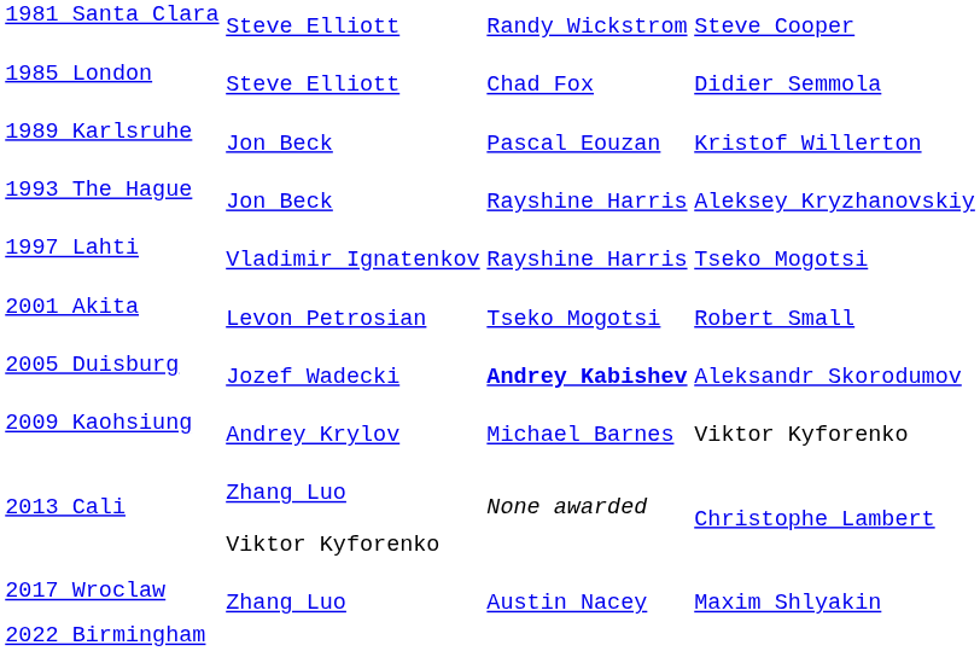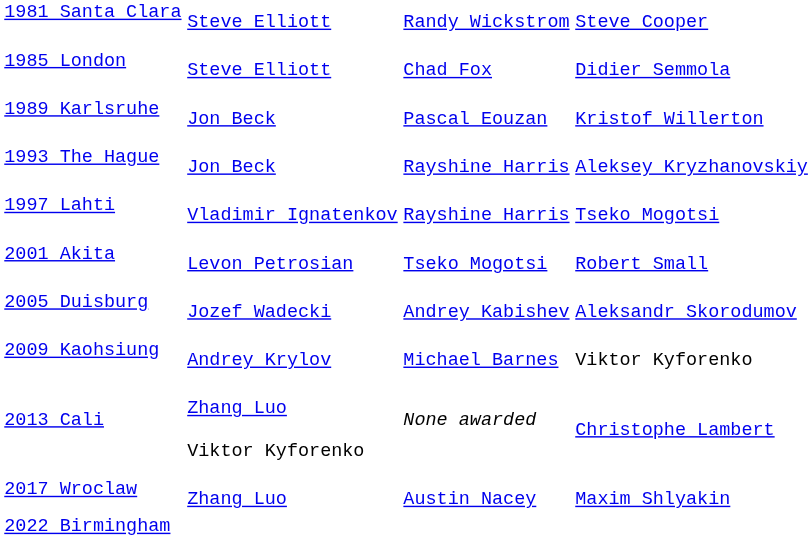 <table>
 <tr>
 <td><a href='#'>1981 Santa Clara</a></td>
 <td><br> <a href='#'>Steve Elliott</a></td>
 <td><br> <a href='#'>Randy Wickstrom</a></td>
 <td><br> <a href='#'>Steve Cooper</a></td>
 </tr>
 <tr>
 <td><a href='#'>1985 London</a></td>
 <td><br> <a href='#'>Steve Elliott</a></td>
 <td><br> <a href='#'>Chad Fox</a></td>
 <td><br> <a href='#'>Didier Semmola</a></td>
 </tr>
 <tr>
 <td><a href='#'>1989 Karlsruhe</a></td>
 <td><br> <a href='#'>Jon Beck</a></td>
 <td><br> <a href='#'>Pascal Eouzan</a></td>
 <td><br> <a href='#'>Kristof Willerton</a></td>
 </tr>
 <tr>
 <td><a href='#'>1993 The Hague</a></td>
 <td><br> <a href='#'>Jon Beck</a></td>
 <td><br> <a href='#'>Rayshine Harris</a></td>
 <td><br> <a href='#'>Aleksey Kryzhanovskiy</a></td>
 </tr>
 <tr>
 <td><a href='#'>1997 Lahti</a></td>
 <td><br> <a href='#'>Vladimir Ignatenkov</a></td>
 <td><br> <a href='#'>Rayshine Harris</a></td>
 <td><br> <a href='#'>Tseko Mogotsi</a></td>
 </tr>
 <tr>
 <td><a href='#'>2001 Akita</a></td>
 <td><br> <a href='#'>Levon Petrosian</a></td>
 <td><br> <a href='#'>Tseko Mogotsi</a></td>
 <td><br> <a href='#'>Robert Small</a></td>
 </tr>
 <tr>
 <td><a href='#'>2005 Duisburg</a></td>
 <td><br> <a href='#'>Jozef Wadecki</a></td>
-<td><strong><br> <a href='#'>Andrey Kabishev</a></strong></td>
+<td><br> <a href='#'>Andrey Kabishev</a></td>
 <td><br> <a href='#'>Aleksandr Skorodumov</a></td>
 </tr>
 <tr>
 <td><a href='#'>2009 Kaohsiung</a></td>
 <td><br> <a href='#'>Andrey Krylov</a></td>
 <td><br> <a href='#'>Michael Barnes</a></td>
 <td><br> Viktor Kyforenko</td>
 </tr>
 <tr>
 <td><a href='#'>2013 Cali</a></td>
 <td><br> <a href='#'>Zhang Luo</a><br><br> Viktor Kyforenko</td>
 <td><em>None awarded</em></td>
 <td><br> <a href='#'>Christophe Lambert</a></td>
 </tr>
 <tr>
 <td><a href='#'>2017 Wroclaw</a></td>
 <td><br> <a href='#'>Zhang Luo</a></td>
 <td><br> <a href='#'>Austin Nacey</a></td>
 <td><br> <a href='#'>Maxim Shlyakin</a></td>
 </tr>
 <tr>
 <td><a href='#'>2022 Birmingham</a><br></td>
 <td></td>
 <td></td>
 <td></td>
 </tr>
 </table>
